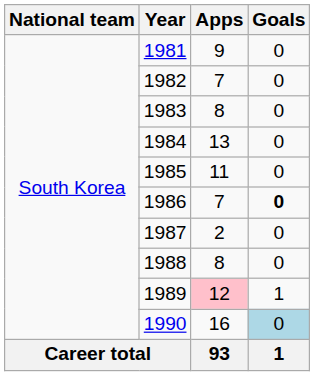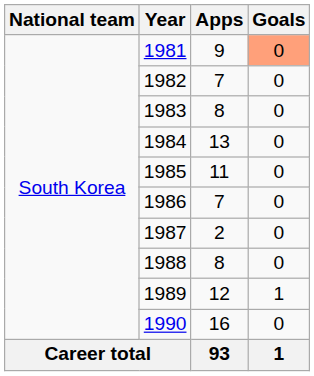 <table class="wikitable" style="text-align:center">
 <tr>
 <th>National team</th>
 <th>Year</th>
 <th>Apps</th>
 <th>Goals</th>
 </tr>
 <tr>
 <td rowspan="10"><a href='#'>South Korea</a></td>
 <td><a href='#'>1981</a></td>
 <td>9</td>
-<td>0</td>
+<td style="background: lightsalmon;">0</td>
 </tr>
 <tr>
 <td>1982</td>
 <td>7</td>
 <td>0</td>
 </tr>
 <tr>
 <td>1983</td>
 <td>8</td>
 <td>0</td>
 </tr>
 <tr>
 <td>1984</td>
 <td>13</td>
 <td>0</td>
 </tr>
 <tr>
 <td>1985</td>
 <td>11</td>
 <td>0</td>
 </tr>
 <tr>
 <td>1986</td>
 <td>7</td>
-<td><strong>0</strong></td>
+<td>0</td>
 </tr>
 <tr>
 <td>1987</td>
 <td>2</td>
 <td>0</td>
 </tr>
 <tr>
 <td>1988</td>
 <td>8</td>
 <td>0</td>
 </tr>
 <tr>
 <td>1989</td>
-<td style="background: pink;">12</td>
+<td>12</td>
 <td>1</td>
 </tr>
 <tr>
 <td><a href='#'>1990</a></td>
 <td>16</td>
-<td style="background: lightblue;">0</td>
+<td>0</td>
 </tr>
 <tr>
 <th colspan="2">Career total</th>
 <th>93</th>
 <th>1</th>
 </tr>
 </table>
